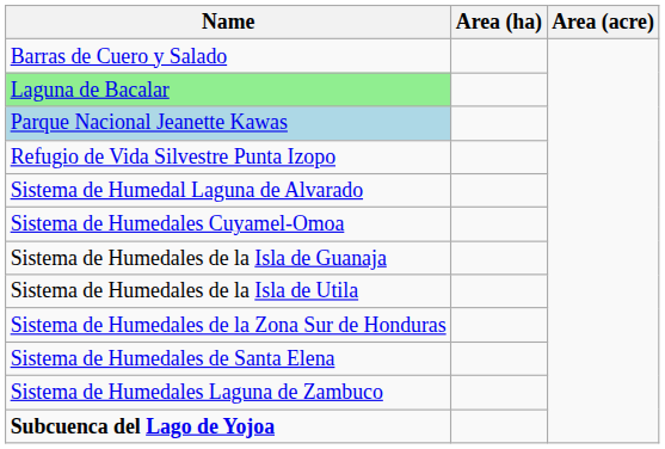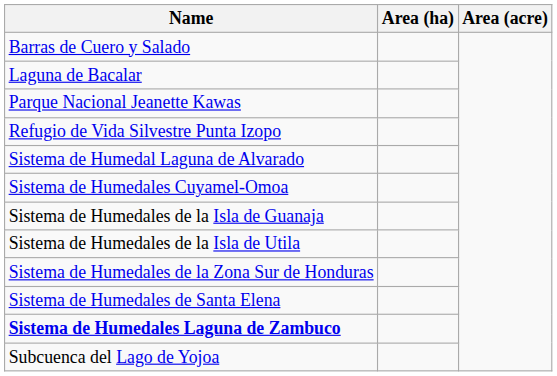 <table class="wikitable sortable">
 <tr>
 <th scope="col" align=left>Name</th>
 <th scope="col">Area (ha)</th>
 <th scope="col">Area (acre)</th>
 </tr>
 <tr ---->
 <td><a href='#'>Barras de Cuero y Salado</a></td>
 <td></td>
 </tr>
 <tr ---->
-<td style="background: lightgreen;"><a href='#'>Laguna de Bacalar</a></td>
+<td><a href='#'>Laguna de Bacalar</a></td>
 <td></td>
 </tr>
 <tr ---->
-<td style="background: lightblue;"><a href='#'>Parque Nacional Jeanette Kawas</a></td>
+<td><a href='#'>Parque Nacional Jeanette Kawas</a></td>
 <td></td>
 </tr>
 <tr ---->
 <td><a href='#'>Refugio de Vida Silvestre Punta Izopo</a></td>
 <td></td>
 </tr>
 <tr ---->
 <td><a href='#'>Sistema de Humedal Laguna de Alvarado</a></td>
 <td></td>
 </tr>
 <tr ---->
 <td><a href='#'>Sistema de Humedales Cuyamel-Omoa</a></td>
 <td></td>
 </tr>
 <tr ---->
 <td>Sistema de Humedales de la <a href='#'>Isla de Guanaja</a></td>
 <td></td>
 </tr>
 <tr ---->
 <td>Sistema de Humedales de la <a href='#'>Isla de Utila</a></td>
 <td></td>
 </tr>
 <tr ---->
 <td><a href='#'>Sistema de Humedales de la Zona Sur de Honduras</a></td>
 <td></td>
 </tr>
 <tr ---->
 <td><a href='#'>Sistema de Humedales de Santa Elena</a></td>
 <td></td>
 </tr>
 <tr ---->
-<td><a href='#'>Sistema de Humedales Laguna de Zambuco </a></td>
+<td><strong><a href='#'>Sistema de Humedales Laguna de Zambuco </a></strong></td>
 <td></td>
 </tr>
 <tr ---->
-<td><strong>Subcuenca del <a href='#'>Lago de Yojoa</a></strong></td>
+<td>Subcuenca del <a href='#'>Lago de Yojoa</a></td>
 <td></td>
 </tr>
 </table>
